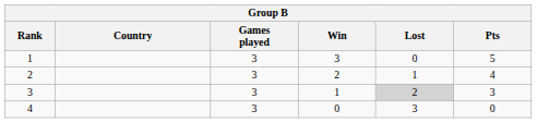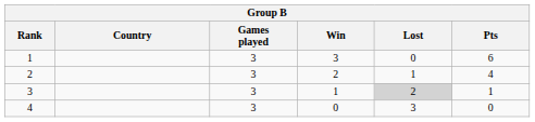 <table class="wikitable" style= "text-align: center; Width:50%">
 <tr>
 <th colspan= 6>Group B</th>
 </tr>
 <tr>
 <th width=2%>Rank</th>
 <th width=10%>Country</th>
 <th width=5%>Games <br> played</th>
 <th width=5%>Win</th>
 <th width=5%>Lost</th>
 <th width=5%>Pts</th>
 </tr>
 <tr>
 <td>1</td>
 <td style= "text-align: left"></td>
 <td>3</td>
 <td>3</td>
 <td>0</td>
-<td>5</td>
+<td>6</td>
 </tr>
 <tr>
 <td>2</td>
 <td style= "text-align: left"></td>
 <td>3</td>
 <td>2</td>
 <td>1</td>
 <td>4</td>
 </tr>
 <tr>
 <td>3</td>
 <td style= "text-align: left"></td>
 <td>3</td>
 <td>1</td>
 <td style="background: lightgrey;">2</td>
-<td>3</td>
+<td>1</td>
 </tr>
 <tr>
 <td>4</td>
 <td style= "text-align: left"></td>
 <td>3</td>
 <td>0</td>
 <td>3</td>
 <td>0</td>
 </tr>
 </table>
